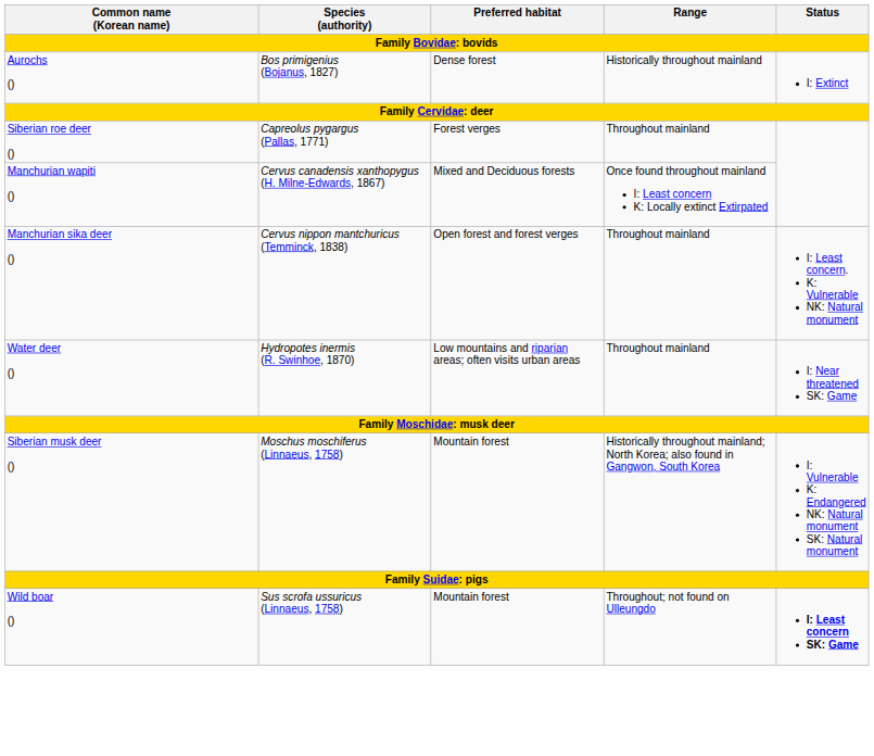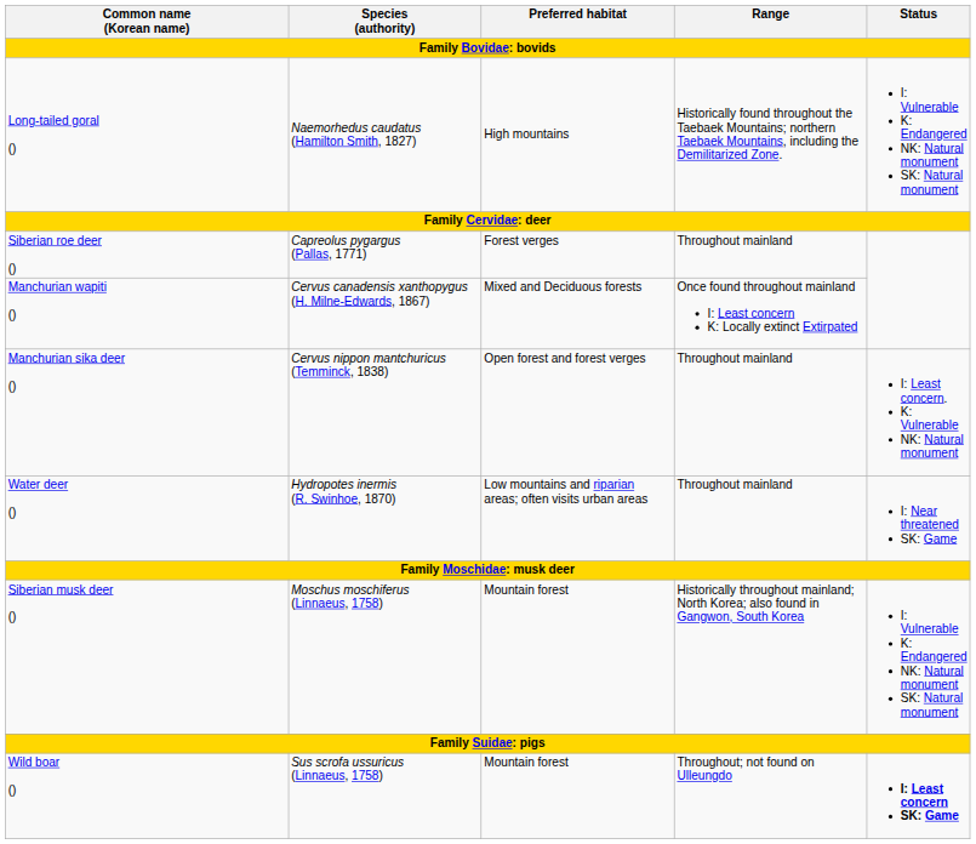 <table width=100% class="wikitable" style="text-align:left;">
 <tr valign="top">
 <th>Common name<br>(Korean name)</th>
 <th width="20%">Species<br>(authority)</th>
 <th width="20%">Preferred habitat</th>
 <th width="20%">Range</th>
 <th width="15em">Status</th>
 </tr>
 <tr>
 <td style="text-align:center;background:gold;" colspan=5><strong>Family <a href='#'>Bovidae</a>: bovids</strong></td>
 </tr>
-<tr valign="top">
-<td><a href='#'>Aurochs</a><br> <br>()</td>
-<td><em>Bos primigenius</em><br>(<a href='#'>Bojanus</a>, 1827)</td>
-<td>Dense forest</td>
-<td>Historically throughout mainland</td>
-<td><br><ul><li>I: <a href='#'>Extinct</a></li></ul></td>
+<tr>
+<td><a href='#'>Long-tailed goral</a><br> <br>()</td>
+<td><em>Naemorhedus caudatus</em><br>(<a href='#'>Hamilton Smith</a>, 1827)</td>
+<td>High mountains</td>
+<td>Historically found throughout the Taebaek Mountains; northern <a href='#'>Taebaek Mountains</a>, including the <a href='#'>Demilitarized Zone</a>.</td>
+<td><br><ul><li>I: <a href='#'>Vulnerable</a></li><li>K: <a href='#'>Endangered</a></li><li>NK: <a href='#'>Natural monument</a></li><li>SK: <a href='#'>Natural monument</a></li></ul></td>
 </tr>
 <tr>
 <td style="text-align:center;background:gold;" colspan=5><strong>Family <a href='#'>Cervidae</a>: deer</strong></td>
 </tr>
 <tr valign="top">
 <td><a href='#'>Siberian roe deer</a><br> <br>()</td>
 <td><em>Capreolus pygargus</em><br>(<a href='#'>Pallas</a>, 1771)</td>
 <td>Forest verges</td>
 <td>Throughout mainland</td>
 </tr>
 <tr valign="top">
 <td><a href='#'>Manchurian wapiti</a><br><br>()</td>
 <td><em>Cervus canadensis xanthopygus</em><br>(<a href='#'>H. Milne-Edwards</a>, 1867)</td>
 <td>Mixed and Deciduous forests</td>
 <td>Once found throughout mainland<br><ul><li>I: <a href='#'>Least concern</a></li><li>K: Locally extinct <a href='#'>Extirpated</a></li></ul></td>
 </tr>
 <tr valign="top">
 <td><a href='#'>Manchurian sika deer</a><br> <br>()</td>
 <td><em>Cervus nippon mantchuricus</em><br>(<a href='#'>Temminck</a>, 1838)</td>
 <td>Open forest and forest verges</td>
 <td>Throughout mainland</td>
 <td><br><ul><li>I: <a href='#'>Least concern</a>.</li><li>K: <a href='#'>Vulnerable</a></li><li>NK: <a href='#'>Natural monument</a></li></ul></td>
 </tr>
 <tr valign="top">
 <td><a href='#'>Water deer</a><br> <br>()</td>
 <td><em>Hydropotes inermis</em><br>(<a href='#'>R. Swinhoe</a>, 1870)</td>
 <td>Low mountains and <a href='#'>riparian</a> areas; often visits urban areas</td>
 <td>Throughout mainland</td>
 <td><br><ul><li>I: <a href='#'>Near threatened</a></li><li>SK: <a href='#'>Game</a></li></ul></td>
 </tr>
 <tr>
 <td colspan="5" style="text-align:center;background:gold;"><strong>Family <a href='#'>Moschidae</a>: musk deer</strong></td>
 </tr>
 <tr valign="top">
 <td><a href='#'>Siberian musk deer</a><br> <br>()</td>
 <td><em>Moschus moschiferus</em><br>(<a href='#'>Linnaeus</a>, <a href='#'>1758</a>)</td>
 <td>Mountain forest</td>
 <td>Historically throughout mainland; North Korea; also found in <a href='#'>Gangwon, South Korea</a></td>
 <td><br><ul><li>I: <a href='#'>Vulnerable</a></li><li>K: <a href='#'>Endangered</a></li><li>NK: <a href='#'>Natural monument</a></li><li>SK: <a href='#'>Natural monument</a></li></ul></td>
 </tr>
 <tr>
 <td style="text-align:center;background:gold;" colspan=5><strong>Family <a href='#'>Suidae</a>: pigs</strong></td>
 </tr>
 <tr valign="top">
 <td><a href='#'>Wild boar</a><br> <br>()</td>
 <td><em>Sus scrofa ussuricus</em><br>(<a href='#'>Linnaeus</a>, <a href='#'>1758</a>)</td>
 <td>Mountain forest</td>
 <td>Throughout; not found on <a href='#'>Ulleungdo</a></td>
 <td><strong><br><ul><li>I: <a href='#'>Least concern</a></li><li>SK: <a href='#'>Game</a></li></ul></strong></td>
 </tr>
 </table>
